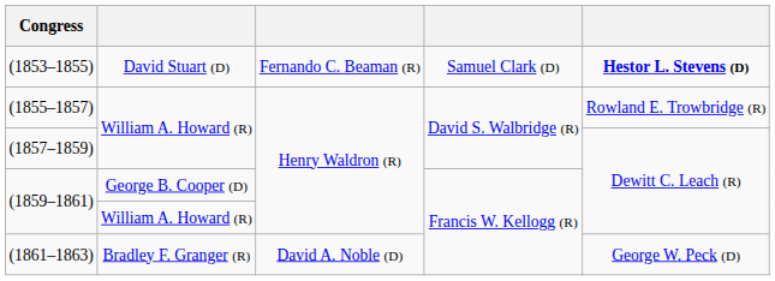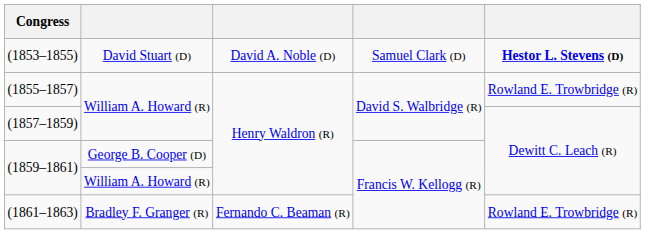 <table class=wikitable style="text-align:center">
 <tr style="height:2.5em">
 <th>Cong­ress</th>
 <th></th>
 <th></th>
 <th></th>
 <th></th>
 </tr>
 <tr style="height:2.5em">
 <td><strong></strong> (1853–1855)</td>
 <td><a href='#'>David Stuart</a> <small>(D)</small></td>
-<td><a href='#'>Fernando C. Beaman</a> <small>(R)</small></td>
+<td><a href='#'>David A. Noble</a> <small>(D)</small></td>
 <td><a href='#'>Samuel Clark</a> <small>(D)</small></td>
 <td><strong><a href='#'>Hestor L. Stevens</a> <small>(D)</small></strong></td>
 </tr>
 <tr style="height:2.5em">
 <td><strong></strong> (1855–1857)</td>
 <td rowspan=2 ><a href='#'>William A. Howard</a> <small>(R)</small></td>
 <td rowspan=4 ><a href='#'>Henry Waldron</a> <small>(R)</small></td>
 <td rowspan=2 ><a href='#'>David S. Walbridge</a> <small>(R)</small></td>
 <td><a href='#'>Rowland E. Trowbridge</a> <small>(R)</small></td>
 </tr>
 <tr style="height:2.5em">
 <td><strong></strong> (1857–1859)</td>
 <td rowspan=3 ><a href='#'>Dewitt C. Leach</a> <small>(R)</small></td>
 </tr>
 <tr style="height:2em">
 <td rowspan=2><strong></strong> (1859–1861)</td>
 <td><a href='#'>George B. Cooper</a> <small>(D)</small></td>
 <td rowspan=3 ><a href='#'>Francis W. Kellogg</a> <small>(R)</small></td>
 </tr>
 <tr style="height:2em">
 <td><a href='#'>William A. Howard</a> <small>(R)</small></td>
 </tr>
 <tr style="height:2.5em">
 <td><strong></strong> (1861–1863)</td>
 <td><a href='#'>Bradley F. Granger</a> <small>(R)</small></td>
-<td><a href='#'>David A. Noble</a> <small>(D)</small></td>
-<td><a href='#'>George W. Peck</a> <small>(D)</small></td>
+<td><a href='#'>Fernando C. Beaman</a> <small>(R)</small></td>
+<td><a href='#'>Rowland E. Trowbridge</a> <small>(R)</small></td>
 </tr>
 </table>
